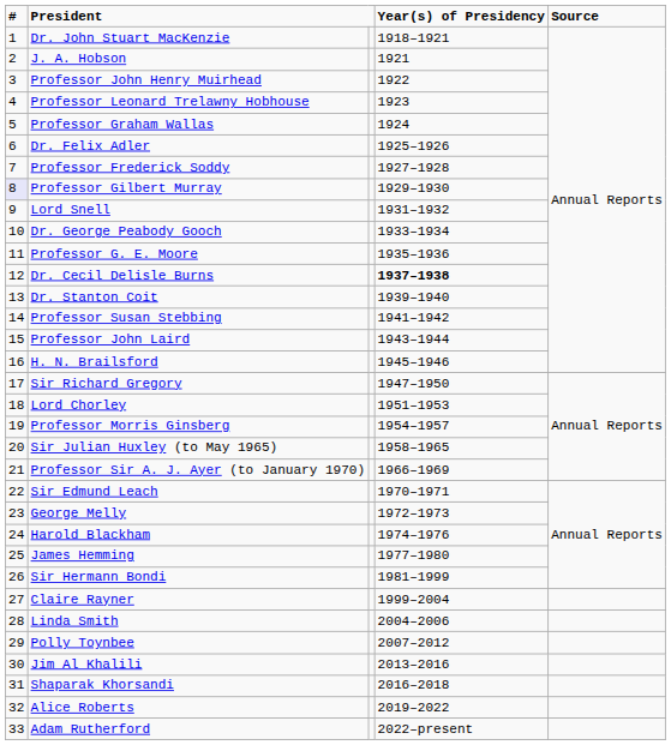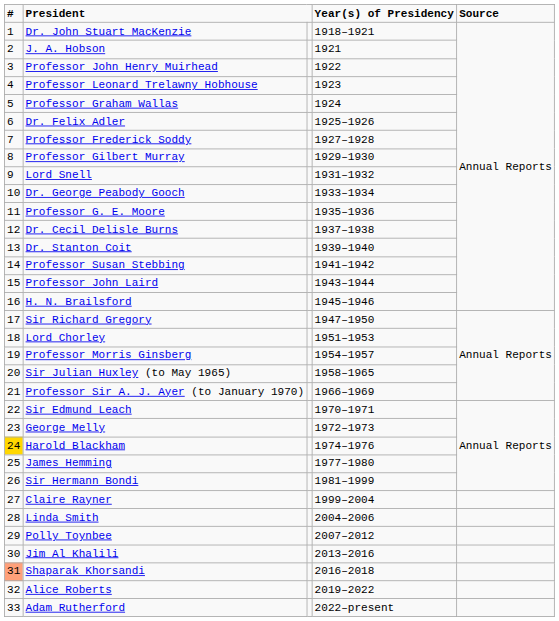 <table class="wikitable">
 <tr>
 <td><strong>#</strong></td>
 <td colspan="2"><strong>President</strong></td>
 <td><strong>Year(s) of Presidency</strong></td>
 <td><strong>Source</strong></td>
 </tr>
 <tr>
 <td>1</td>
 <td colspan="1"><a href='#'>Dr. John Stuart MacKenzie</a></td>
 <td></td>
 <td>1918–1921</td>
 <td rowspan="16">Annual Reports</td>
 </tr>
 <tr>
 <td>2</td>
 <td><a href='#'>J. A. Hobson</a></td>
 <td></td>
 <td>1921</td>
 </tr>
 <tr>
 <td>3</td>
 <td><a href='#'>Professor John Henry Muirhead</a></td>
 <td></td>
 <td>1922</td>
 </tr>
 <tr>
 <td>4</td>
 <td><a href='#'>Professor Leonard Trelawny Hobhouse</a></td>
 <td></td>
 <td>1923</td>
 </tr>
 <tr>
 <td>5</td>
 <td><a href='#'>Professor Graham Wallas</a></td>
 <td></td>
 <td>1924</td>
 </tr>
 <tr>
 <td>6</td>
 <td colspan="1"><a href='#'>Dr. Felix Adler</a></td>
 <td></td>
 <td>1925–1926</td>
 </tr>
 <tr>
 <td>7</td>
 <td colspan="1"><a href='#'>Professor Frederick Soddy</a></td>
 <td></td>
 <td>1927–1928</td>
 </tr>
 <tr>
-<td style="background: lavender;">8</td>
+<td>8</td>
 <td colspan="1"><a href='#'>Professor Gilbert Murray</a></td>
 <td></td>
 <td>1929–1930</td>
 </tr>
 <tr>
 <td>9</td>
 <td colspan="1"><a href='#'>Lord Snell</a></td>
 <td></td>
 <td>1931–1932</td>
 </tr>
 <tr>
 <td>10</td>
 <td colspan="1"><a href='#'>Dr. George Peabody Gooch</a></td>
 <td></td>
 <td>1933–1934</td>
 </tr>
 <tr>
 <td>11</td>
 <td colspan="1"><a href='#'>Professor G. E. Moore</a></td>
 <td></td>
 <td>1935–1936</td>
 </tr>
 <tr>
 <td>12</td>
 <td colspan="1"><a href='#'>Dr. Cecil Delisle Burns</a></td>
 <td></td>
-<td><strong>1937–1938</strong></td>
+<td>1937–1938</td>
 </tr>
 <tr>
 <td>13</td>
 <td colspan="1"><a href='#'>Dr. Stanton Coit</a></td>
 <td></td>
 <td>1939–1940</td>
 </tr>
 <tr>
 <td>14</td>
 <td colspan="1"><a href='#'>Professor Susan Stebbing</a></td>
 <td></td>
 <td>1941–1942</td>
 </tr>
 <tr>
 <td>15</td>
 <td colspan="1"><a href='#'>Professor John Laird</a></td>
 <td></td>
 <td>1943–1944</td>
 </tr>
 <tr>
 <td>16</td>
 <td colspan="1"><a href='#'>H. N. Brailsford</a></td>
 <td></td>
 <td>1945–1946</td>
 </tr>
 <tr>
 <td>17</td>
 <td colspan="1"><a href='#'>Sir Richard Gregory</a></td>
 <td></td>
 <td>1947–1950</td>
 <td rowspan="5">Annual Reports</td>
 </tr>
 <tr>
 <td>18</td>
 <td colspan="1"><a href='#'>Lord Chorley</a></td>
 <td></td>
 <td>1951–1953</td>
 </tr>
 <tr>
 <td>19</td>
 <td colspan="1"><a href='#'>Professor Morris Ginsberg</a></td>
 <td></td>
 <td>1954–1957</td>
 </tr>
 <tr>
 <td>20</td>
 <td colspan="1"><a href='#'>Sir Julian Huxley</a> (to May 1965)</td>
 <td></td>
 <td>1958–1965</td>
 </tr>
 <tr>
 <td>21</td>
 <td colspan="1"><a href='#'>Professor Sir A. J. Ayer</a> (to January 1970)</td>
 <td></td>
 <td>1966–1969</td>
 </tr>
 <tr>
 <td>22</td>
 <td colspan="1"><a href='#'>Sir Edmund Leach</a></td>
 <td></td>
 <td>1970–1971</td>
 <td rowspan="5">Annual Reports</td>
 </tr>
 <tr>
 <td>23</td>
 <td colspan="1"><a href='#'>George Melly</a></td>
 <td></td>
 <td>1972–1973</td>
 </tr>
 <tr>
-<td>24</td>
+<td style="background: gold;">24</td>
 <td colspan="1"><a href='#'>Harold Blackham</a></td>
 <td></td>
 <td>1974–1976</td>
 </tr>
 <tr>
 <td>25</td>
 <td colspan="1"><a href='#'>James Hemming</a></td>
 <td></td>
 <td>1977–1980</td>
 </tr>
 <tr>
 <td>26</td>
 <td colspan="1"><a href='#'>Sir Hermann Bondi</a></td>
 <td></td>
 <td>1981–1999</td>
 </tr>
 <tr>
 <td>27</td>
 <td colspan="1"><a href='#'>Claire Rayner</a></td>
 <td></td>
 <td>1999–2004</td>
 <td></td>
 </tr>
 <tr>
 <td>28</td>
 <td colspan="1"><a href='#'>Linda Smith</a></td>
 <td></td>
 <td>2004–2006</td>
 <td></td>
 </tr>
 <tr>
 <td>29</td>
 <td colspan="1"><a href='#'>Polly Toynbee</a></td>
 <td></td>
 <td>2007–2012</td>
 <td></td>
 </tr>
 <tr>
 <td>30</td>
 <td colspan="1"><a href='#'>Jim Al Khalili</a></td>
 <td></td>
 <td>2013–2016</td>
 <td></td>
 </tr>
 <tr>
-<td>31</td>
+<td style="background: lightsalmon;">31</td>
 <td colspan="1"><a href='#'>Shaparak Khorsandi</a></td>
 <td></td>
 <td>2016–2018</td>
 <td></td>
 </tr>
 <tr>
 <td>32</td>
 <td colspan="1"><a href='#'>Alice Roberts</a></td>
 <td></td>
 <td>2019–2022</td>
 <td></td>
 </tr>
 <tr>
 <td>33</td>
 <td colspan="1"><a href='#'>Adam Rutherford</a></td>
 <td></td>
 <td>2022–present</td>
 <td></td>
 </tr>
 </table>
